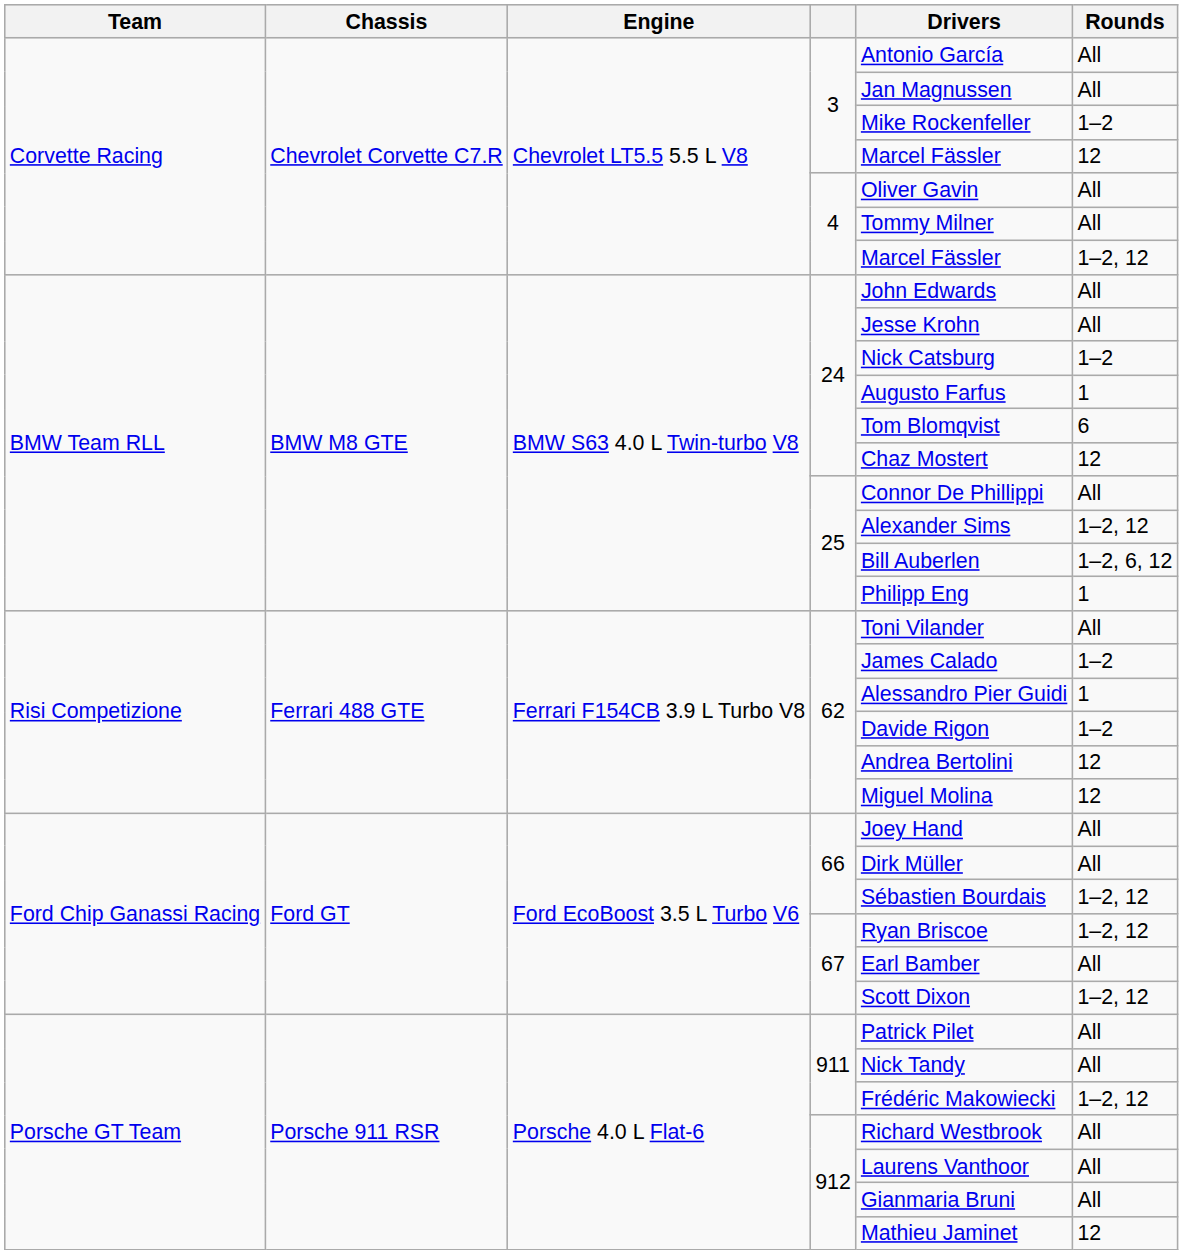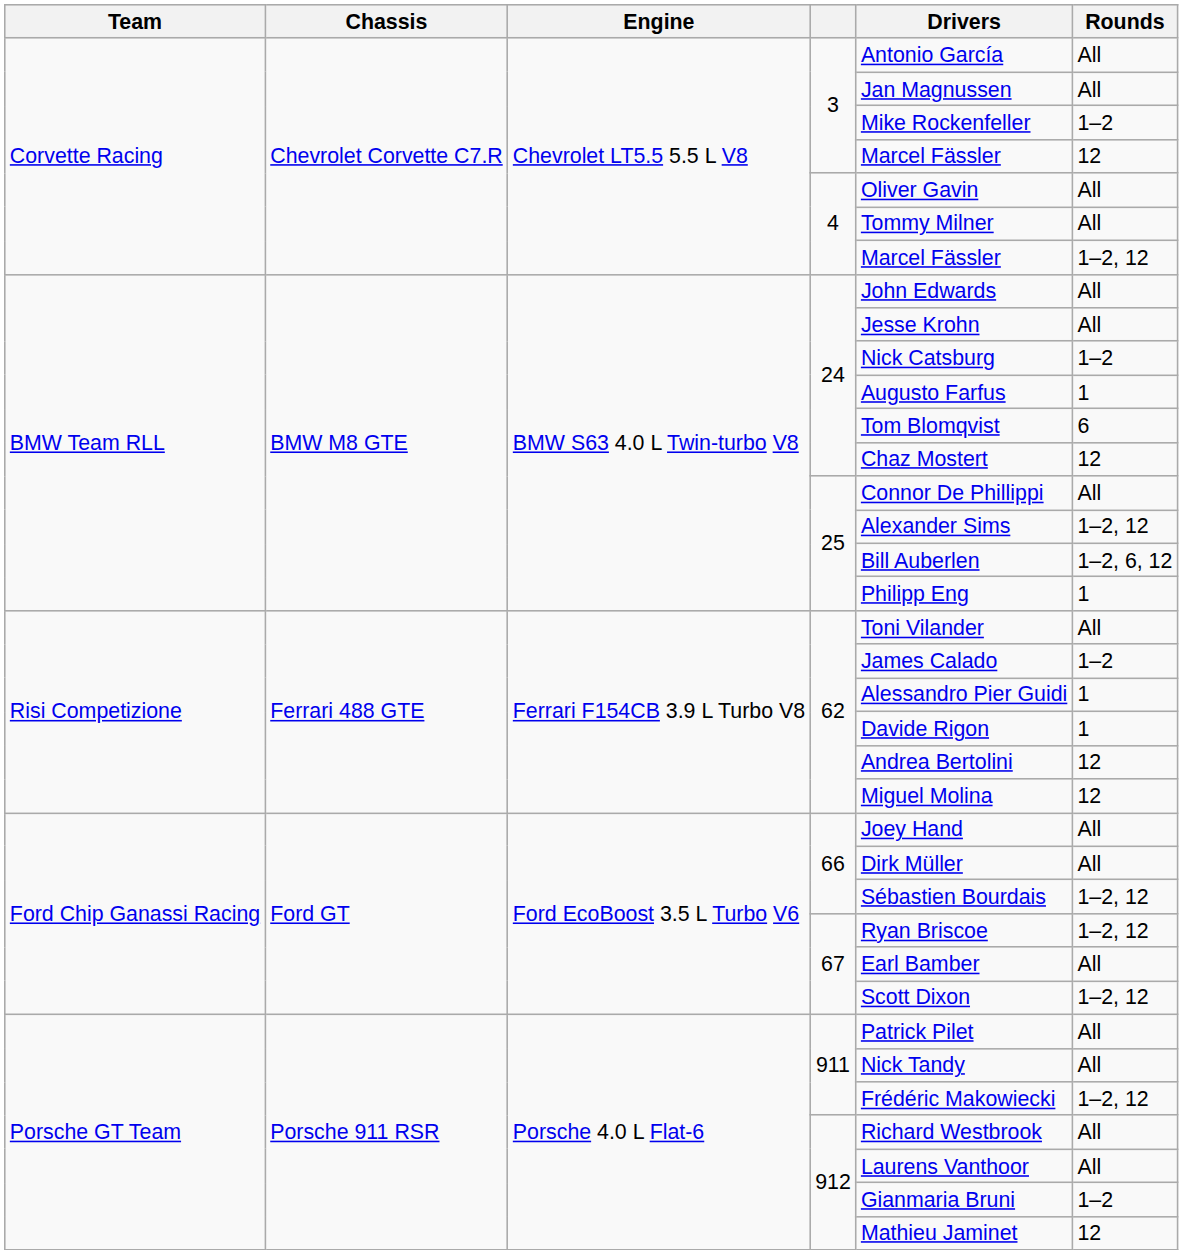 <table class="wikitable" style="font-size: 85%">
 <tr>
 <th>Team</th>
 <th>Chassis</th>
 <th>Engine</th>
 <th></th>
 <th>Drivers</th>
 <th>Rounds</th>
 </tr>
 <tr>
 <td rowspan=7> <a href='#'>Corvette Racing</a></td>
 <td rowspan=7><a href='#'>Chevrolet Corvette C7.R</a></td>
 <td rowspan=7><a href='#'>Chevrolet LT5.5</a> 5.5 L <a href='#'>V8</a></td>
 <td rowspan="4" align="center">3</td>
 <td> <a href='#'>Antonio García</a></td>
 <td>All</td>
 </tr>
 <tr>
 <td> <a href='#'>Jan Magnussen</a></td>
 <td>All</td>
 </tr>
 <tr>
 <td> <a href='#'>Mike Rockenfeller</a></td>
 <td>1–2</td>
 </tr>
 <tr>
 <td> <a href='#'>Marcel Fässler</a></td>
 <td>12</td>
 </tr>
 <tr>
 <td rowspan="3" align="center">4</td>
 <td> <a href='#'>Oliver Gavin</a></td>
 <td>All</td>
 </tr>
 <tr>
 <td> <a href='#'>Tommy Milner</a></td>
 <td>All</td>
 </tr>
 <tr>
 <td> <a href='#'>Marcel Fässler</a></td>
 <td>1–2, 12</td>
 </tr>
 <tr>
 <td rowspan=10> <a href='#'>BMW Team RLL</a></td>
 <td rowspan=10><a href='#'>BMW M8 GTE</a></td>
 <td rowspan=10><a href='#'>BMW S63</a> 4.0 L <a href='#'>Twin-turbo</a> <a href='#'>V8</a></td>
 <td rowspan="6" align="center">24</td>
 <td> <a href='#'>John Edwards</a></td>
 <td>All</td>
 </tr>
 <tr>
 <td> <a href='#'>Jesse Krohn</a></td>
 <td>All</td>
 </tr>
 <tr>
 <td> <a href='#'>Nick Catsburg</a></td>
 <td>1–2</td>
 </tr>
 <tr>
 <td> <a href='#'>Augusto Farfus</a></td>
 <td>1</td>
 </tr>
 <tr>
 <td> <a href='#'>Tom Blomqvist</a></td>
 <td>6</td>
 </tr>
 <tr>
 <td> <a href='#'>Chaz Mostert</a></td>
 <td>12</td>
 </tr>
 <tr>
 <td rowspan="4" align="center">25</td>
 <td> <a href='#'>Connor De Phillippi</a></td>
 <td>All</td>
 </tr>
 <tr>
 <td> <a href='#'>Alexander Sims</a></td>
 <td>1–2, 12</td>
 </tr>
 <tr>
 <td> <a href='#'>Bill Auberlen</a></td>
 <td>1–2, 6, 12</td>
 </tr>
 <tr>
 <td> <a href='#'>Philipp Eng</a></td>
 <td>1</td>
 </tr>
 <tr>
 <td rowspan=6> <a href='#'>Risi Competizione</a></td>
 <td rowspan=6><a href='#'>Ferrari 488 GTE</a></td>
 <td rowspan=6><a href='#'>Ferrari F154CB</a> 3.9 L Turbo V8</td>
 <td rowspan=6 align=center>62</td>
 <td> <a href='#'>Toni Vilander</a></td>
 <td>All</td>
 </tr>
 <tr>
 <td> <a href='#'>James Calado</a></td>
 <td>1–2</td>
 </tr>
 <tr>
 <td> <a href='#'>Alessandro Pier Guidi</a></td>
 <td>1</td>
 </tr>
 <tr>
 <td> <a href='#'>Davide Rigon</a></td>
-<td>1–2</td>
+<td>1</td>
 </tr>
 <tr>
 <td> <a href='#'>Andrea Bertolini</a></td>
 <td>12</td>
 </tr>
 <tr>
 <td> <a href='#'>Miguel Molina</a></td>
 <td>12</td>
 </tr>
 <tr>
 <td rowspan=6> <a href='#'>Ford Chip Ganassi Racing</a></td>
 <td rowspan=6><a href='#'>Ford GT</a></td>
 <td rowspan=6><a href='#'>Ford EcoBoost</a> 3.5 L <a href='#'>Turbo</a> <a href='#'>V6</a></td>
 <td rowspan="3" align="center">66</td>
 <td> <a href='#'>Joey Hand</a></td>
 <td>All</td>
 </tr>
 <tr>
 <td> <a href='#'>Dirk Müller</a></td>
 <td>All</td>
 </tr>
 <tr>
 <td> <a href='#'>Sébastien Bourdais</a></td>
 <td>1–2, 12</td>
 </tr>
 <tr>
 <td rowspan="3" align="center">67</td>
 <td> <a href='#'>Ryan Briscoe</a></td>
 <td>1–2, 12</td>
 </tr>
 <tr>
 <td> <a href='#'>Earl Bamber</a></td>
 <td>All</td>
 </tr>
 <tr>
 <td> <a href='#'>Scott Dixon</a></td>
 <td>1–2, 12</td>
 </tr>
 <tr>
 <td rowspan=7> <a href='#'>Porsche GT Team</a></td>
 <td rowspan=7><a href='#'>Porsche 911 RSR</a></td>
 <td rowspan=7><a href='#'>Porsche</a> 4.0 L <a href='#'>Flat-6</a></td>
 <td rowspan="3" align="center">911</td>
 <td> <a href='#'>Patrick Pilet</a></td>
 <td>All</td>
 </tr>
 <tr>
 <td> <a href='#'>Nick Tandy</a></td>
 <td>All</td>
 </tr>
 <tr>
 <td> <a href='#'>Frédéric Makowiecki</a></td>
 <td>1–2, 12</td>
 </tr>
 <tr>
 <td rowspan="4" align="center">912</td>
 <td> <a href='#'>Richard Westbrook</a></td>
 <td>All</td>
 </tr>
 <tr>
 <td> <a href='#'>Laurens Vanthoor</a></td>
 <td>All</td>
 </tr>
 <tr>
 <td> <a href='#'>Gianmaria Bruni</a></td>
-<td>All</td>
+<td>1–2</td>
 </tr>
 <tr>
 <td> <a href='#'>Mathieu Jaminet</a></td>
 <td>12</td>
 </tr>
 </table>
